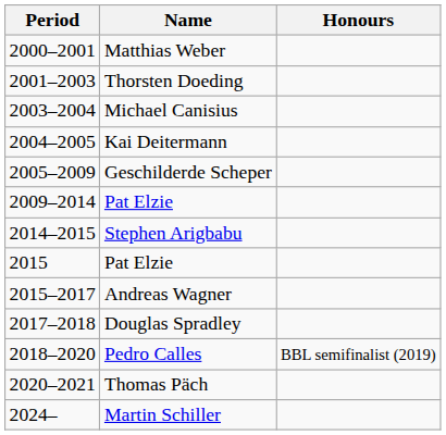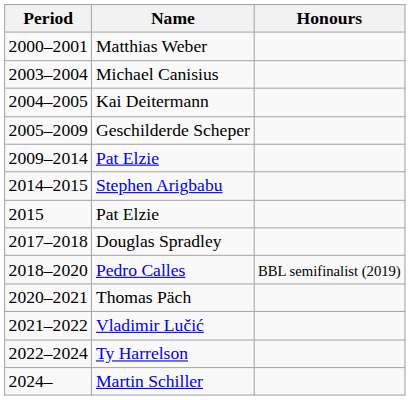 <table class="wikitable">
 <tr>
 <th>Period</th>
 <th>Name</th>
 <th>Honours</th>
 </tr>
 <tr>
 <td>2000–2001</td>
 <td> Matthias Weber</td>
-<td></td>
-</tr>
-<tr>
-<td>2001–2003</td>
-<td> Thorsten Doeding</td>
 <td></td>
 </tr>
 <tr>
 <td>2003–2004</td>
 <td> Michael Canisius</td>
 <td></td>
 </tr>
 <tr>
 <td>2004–2005</td>
 <td> Kai Deitermann</td>
 <td></td>
 </tr>
 <tr>
 <td>2005–2009</td>
 <td> Geschilderde Scheper</td>
 <td></td>
 </tr>
 <tr>
 <td>2009–2014</td>
 <td> <a href='#'>Pat Elzie</a></td>
 <td></td>
 </tr>
 <tr>
 <td>2014–2015</td>
 <td> <a href='#'>Stephen Arigbabu</a></td>
 <td></td>
 </tr>
 <tr>
 <td>2015</td>
 <td> Pat Elzie</td>
 <td></td>
 </tr>
 <tr>
-<td>2015–2017</td>
-<td> Andreas Wagner</td>
-<td></td>
-</tr>
-<tr>
 <td>2017–2018</td>
 <td> Douglas Spradley</td>
 <td></td>
 </tr>
 <tr>
 <td>2018–2020</td>
 <td> <a href='#'>Pedro Calles</a></td>
 <td><small>BBL semifinalist (2019)</small></td>
 </tr>
 <tr>
 <td>2020–2021</td>
 <td> Thomas Päch</td>
 <td></td>
 </tr>
 <tr>
+<td>2021–2022</td>
+<td> <a href='#'>Vladimir Lučić</a></td>
+<td></td>
+</tr>
+<tr>
+<td>2022–2024</td>
+<td> <a href='#'>Ty Harrelson</a></td>
+<td></td>
+</tr>
+<tr>
 <td>2024–</td>
 <td> <a href='#'>Martin Schiller</a></td>
 <td></td>
 </tr>
 </table>
